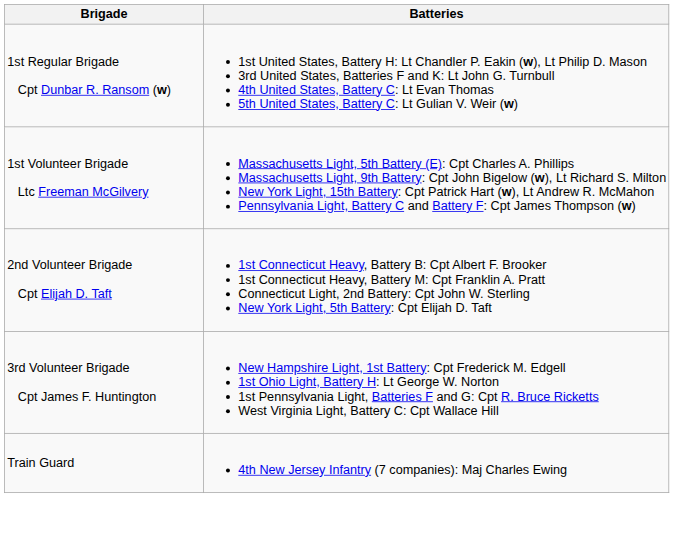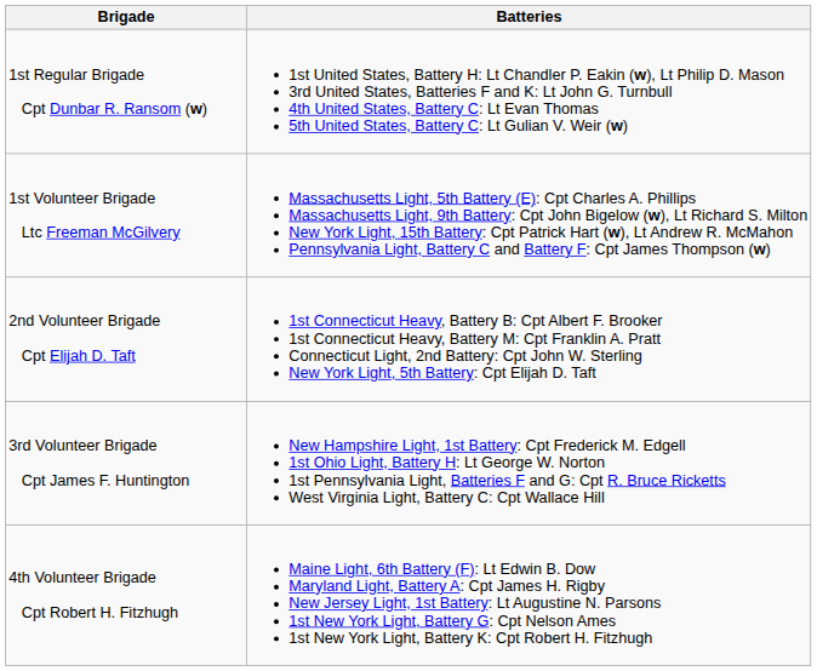 <table class="wikitable">
 <tr>
 <th style="width:30%;">Brigade</th>
 <th>Batteries</th>
 </tr>
 <tr>
 <td>1st Regular Brigade<br><br>   Cpt <a href='#'>Dunbar R. Ransom</a> (<strong>w</strong>)</td>
 <td><br><ul><li>1st United States, Battery H: Lt Chandler P. Eakin (<strong>w</strong>), Lt Philip D. Mason</li><li>3rd United States, Batteries F and K: Lt John G. Turnbull</li><li><a href='#'>4th United States, Battery C</a>: Lt Evan Thomas</li><li><a href='#'>5th United States, Battery C</a>: Lt Gulian V. Weir (<strong>w</strong>)</li></ul></td>
 </tr>
 <tr>
 <td>1st Volunteer Brigade<br><br>   Ltc <a href='#'>Freeman McGilvery</a></td>
 <td><br><ul><li><a href='#'>Massachusetts Light, 5th Battery (E)</a>: Cpt Charles A. Phillips </li><li><a href='#'>Massachusetts Light, 9th Battery</a>: Cpt John Bigelow (<strong>w</strong>), Lt Richard S. Milton</li><li><a href='#'>New York Light, 15th Battery</a>: Cpt Patrick Hart (<strong>w</strong>), Lt Andrew R. McMahon</li><li><a href='#'>Pennsylvania Light, Battery C</a> and <a href='#'>Battery F</a>: Cpt James Thompson (<strong>w</strong>)</li></ul></td>
 </tr>
 <tr>
 <td>2nd Volunteer Brigade<br><br>   Cpt <a href='#'>Elijah D. Taft</a></td>
 <td><br><ul><li><a href='#'>1st Connecticut Heavy</a>, Battery B: Cpt Albert F. Brooker </li><li>1st Connecticut Heavy, Battery M: Cpt Franklin A. Pratt </li><li>Connecticut Light, 2nd Battery: Cpt John W. Sterling</li><li><a href='#'>New York Light, 5th Battery</a>: Cpt Elijah D. Taft</li></ul></td>
 </tr>
 <tr>
 <td>3rd Volunteer Brigade<br><br>   Cpt James F. Huntington</td>
 <td><br><ul><li><a href='#'>New Hampshire Light, 1st Battery</a>: Cpt Frederick M. Edgell</li><li><a href='#'>1st Ohio Light, Battery H</a>: Lt George W. Norton</li><li>1st Pennsylvania Light, <a href='#'>Batteries F</a> and G: Cpt <a href='#'>R. Bruce Ricketts</a></li><li>West Virginia Light, Battery C: Cpt Wallace Hill</li></ul></td>
 </tr>
 <tr>
-<td>Train Guard</td>
-<td><br><ul><li><a href='#'>4th New Jersey Infantry</a> (7 companies): Maj Charles Ewing</li></ul></td>
+<td>4th Volunteer Brigade<br><br>   Cpt Robert H. Fitzhugh</td>
+<td><br><ul><li><a href='#'>Maine Light, 6th Battery (F)</a>: Lt Edwin B. Dow</li><li><a href='#'>Maryland Light, Battery A</a>: Cpt James H. Rigby</li><li><a href='#'>New Jersey Light, 1st Battery</a>: Lt Augustine N. Parsons</li><li><a href='#'>1st New York Light, Battery G</a>: Cpt Nelson Ames</li><li>1st New York Light, Battery K: Cpt Robert H. Fitzhugh </li></ul></td>
 </tr>
 </table>
